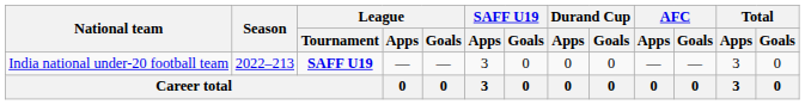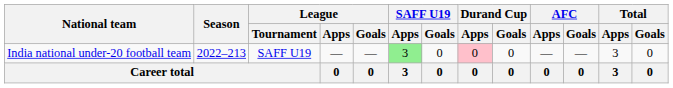 <table class="wikitable" style="text-align: center;">
 <tr>
 <th rowspan="2">National team</th>
 <th rowspan="2">Season</th>
 <th colspan="3">League</th>
 <th colspan="2"><a href='#'>SAFF U19</a></th>
 <th colspan="2">Durand Cup</th>
 <th colspan="2"><a href='#'>AFC</a></th>
 <th colspan="2">Total</th>
 </tr>
 <tr>
 <th>Tournament</th>
 <th>Apps</th>
 <th>Goals</th>
 <th>Apps</th>
 <th>Goals</th>
 <th>Apps</th>
 <th>Goals</th>
 <th>Apps</th>
 <th>Goals</th>
 <th>Apps</th>
 <th>Goals</th>
 </tr>
 <tr>
 <td rowspan="1"><a href='#'>India national under-20 football team</a></td>
 <td><a href='#'>2022–213</a></td>
-<td><strong><a href='#'>SAFF U19</a></strong></td>
+<td><a href='#'>SAFF U19</a></td>
 <td>—</td>
 <td>—</td>
-<td>3</td>
+<td style="background: lightgreen;">3</td>
 <td>0</td>
-<td>0</td>
+<td style="background: pink;">0</td>
 <td>0</td>
 <td>—</td>
 <td>—</td>
 <td>3</td>
 <td>0</td>
 </tr>
 <tr>
 <th colspan="3">Career total</th>
 <th>0</th>
 <th>0</th>
 <th>3</th>
 <th>0</th>
 <th>0</th>
 <th>0</th>
 <th>0</th>
 <th>0</th>
 <th>3</th>
 <th>0</th>
 </tr>
 </table>
